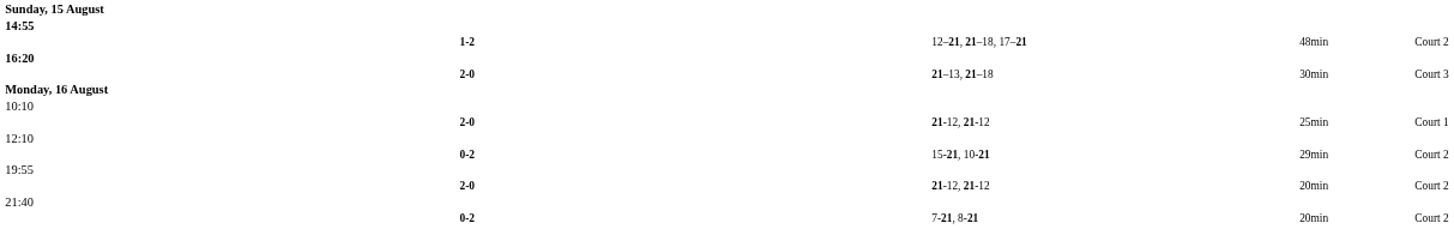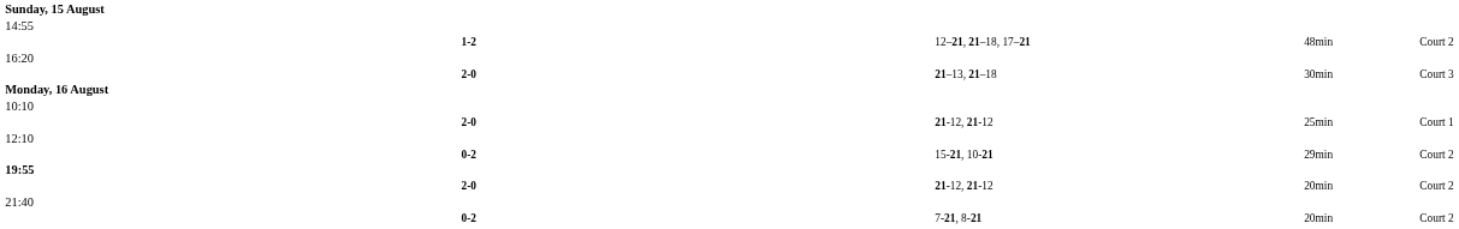 <table style="width:100%;" cellspacing="1">
 <tr>
 <th width=25%></th>
 <th width=10%></th>
 <th width=25%></th>
 </tr>
 <tr>
 <td><strong>Sunday, 15 August</strong></td>
 </tr>
 <tr>
-<td><strong>14:55</strong></td>
+<td>14:55</td>
 </tr>
 <tr style=font-size:90%>
 <td align=right></td>
 <td align=center><strong> 1-2 </strong></td>
 <td><strong></strong></td>
 <td>12–<strong>21</strong>, <strong>21</strong>–18, 17–<strong>21</strong></td>
 <td>48min</td>
 <td>Court 2</td>
 </tr>
 <tr>
-<td><strong>16:20</strong></td>
+<td>16:20</td>
 </tr>
 <tr style=font-size:90%>
 <td align=right><strong></strong></td>
 <td align=center><strong> 2-0 </strong></td>
 <td></td>
 <td><strong>21</strong>–13, <strong>21</strong>–18</td>
 <td>30min</td>
 <td>Court 3</td>
 </tr>
 <tr>
 <td><strong>Monday, 16 August</strong></td>
 </tr>
 <tr>
 <td>10:10</td>
 </tr>
 <tr style=font-size:90%>
 <td align=right><strong></strong></td>
 <td align=center><strong> 2-0 </strong></td>
 <td></td>
 <td><strong>21</strong>-12, <strong>21</strong>-12</td>
 <td>25min</td>
 <td>Court 1</td>
 </tr>
 <tr>
 <td>12:10</td>
 </tr>
 <tr style=font-size:90%>
 <td align=right></td>
 <td align=center><strong> 0-2 </strong></td>
 <td><strong></strong></td>
 <td>15-<strong>21</strong>, 10-<strong>21</strong></td>
 <td>29min</td>
 <td>Court 2</td>
 </tr>
 <tr>
-<td>19:55</td>
+<td><strong>19:55</strong></td>
 </tr>
 <tr style=font-size:90%>
 <td align=right><strong></strong></td>
 <td align=center><strong> 2-0 </strong></td>
 <td></td>
 <td><strong>21</strong>-12, <strong>21</strong>-12</td>
 <td>20min</td>
 <td>Court 2</td>
 </tr>
 <tr>
 <td>21:40</td>
 </tr>
 <tr style=font-size:90%>
 <td align=right></td>
 <td align=center><strong> 0-2 </strong></td>
 <td><strong></strong></td>
 <td>7-<strong>21</strong>, 8-<strong>21</strong></td>
 <td>20min</td>
 <td>Court 2</td>
 </tr>
 </table>
